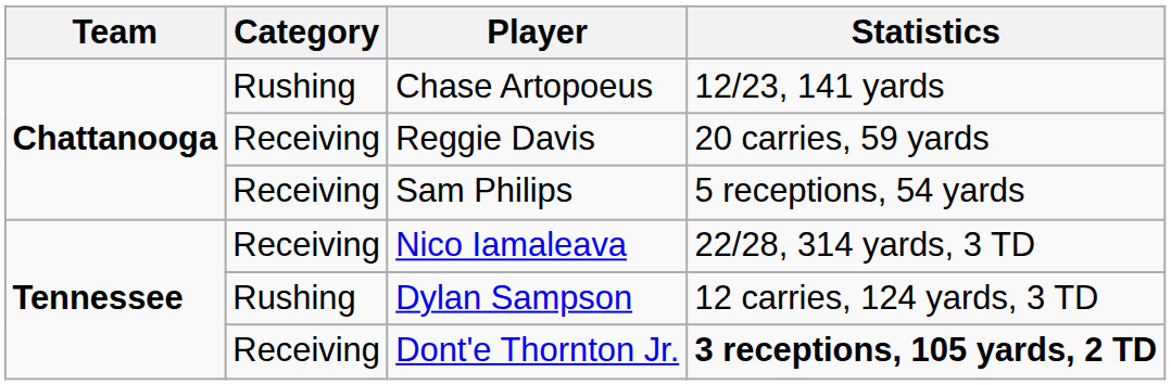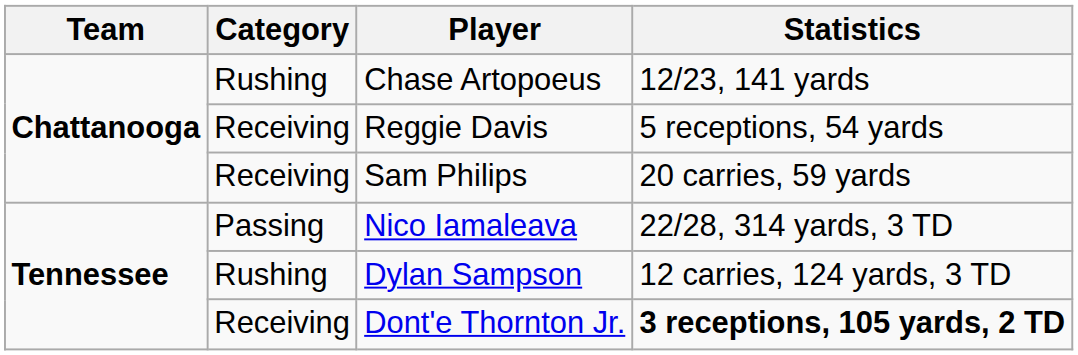 <table class="wikitable" style="float: right;">
 <tr>
 <th>Team</th>
 <th>Category</th>
 <th>Player</th>
 <th>Statistics</th>
 </tr>
 <tr>
 <td rowspan=3><strong>Chattanooga</strong></td>
 <td>Rushing</td>
 <td>Chase Artopoeus</td>
 <td>12/23, 141 yards</td>
 </tr>
 <tr>
 <td>Receiving</td>
 <td>Reggie Davis</td>
-<td>20 carries, 59 yards</td>
+<td>5 receptions, 54 yards</td>
 </tr>
 <tr>
 <td>Receiving</td>
 <td>Sam Philips</td>
-<td>5 receptions, 54 yards</td>
+<td>20 carries, 59 yards</td>
 </tr>
 <tr>
 <td rowspan=3><strong>Tennessee</strong></td>
-<td>Receiving</td>
+<td>Passing</td>
 <td><a href='#'>Nico Iamaleava</a></td>
 <td>22/28, 314 yards, 3 TD</td>
 </tr>
 <tr>
 <td>Rushing</td>
 <td><a href='#'>Dylan Sampson</a></td>
 <td>12 carries, 124 yards, 3 TD</td>
 </tr>
 <tr>
 <td>Receiving</td>
 <td><a href='#'>Dont'e Thornton Jr.</a></td>
 <td><strong>3 receptions, 105 yards, 2 TD</strong></td>
 </tr>
 </table>
